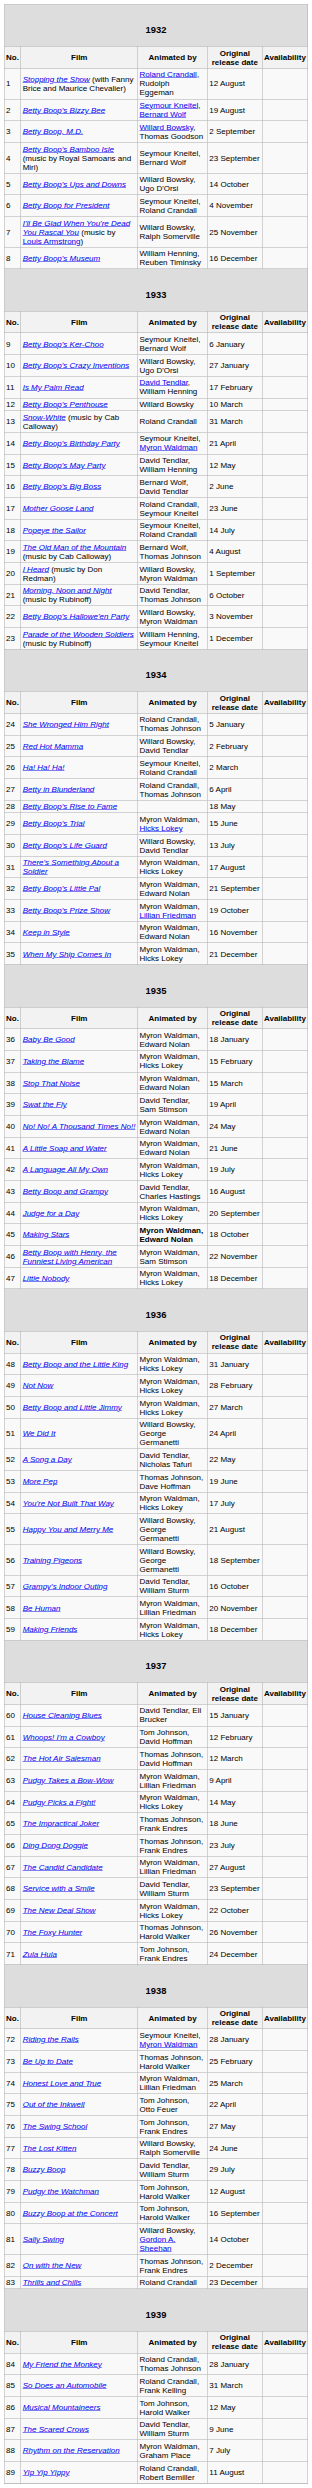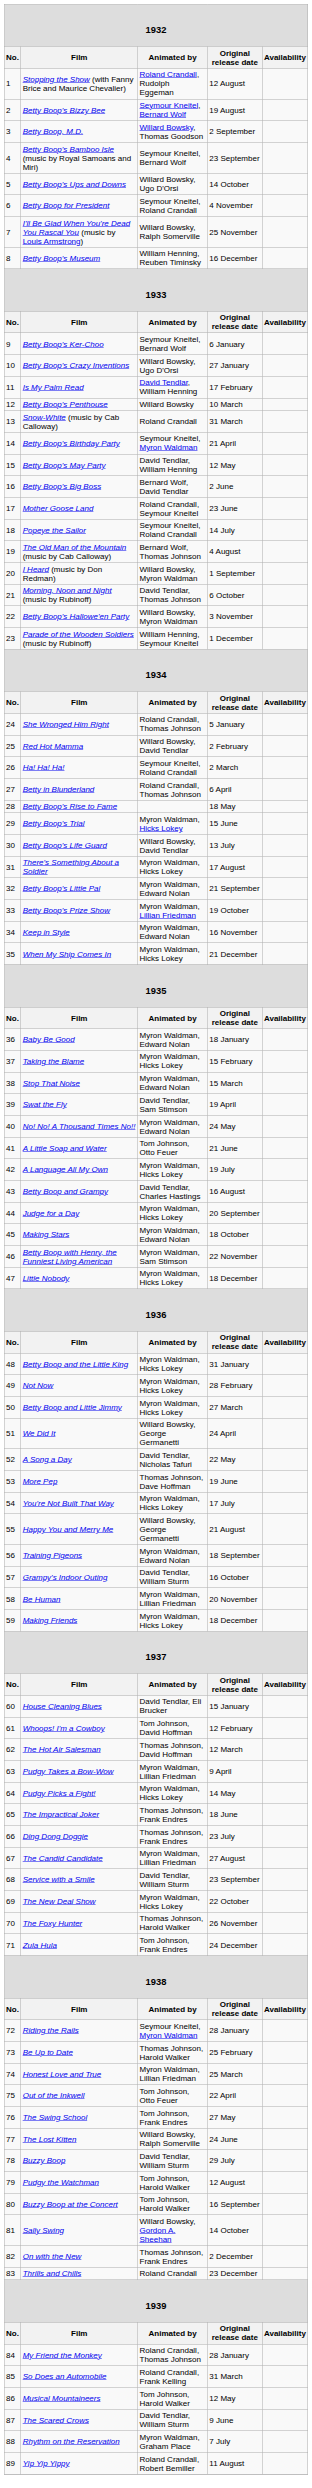 <table class="wikitable sortable">
 <tr>
 <td colspan="5"  style="text-align:center; background:#ddd;"><br><h3>1932</h3></td>
 </tr>
 <tr>
 <th>No.</th>
 <th>Film</th>
 <th>Animated by</th>
 <th>Original release date</th>
 <th>Availability</th>
 </tr>
 <tr>
 <td>1</td>
 <td><em><a href='#'>Stopping the Show</a></em> (with Fanny Brice and Maurice Chevalier)</td>
 <td><a href='#'>Roland Crandall</a>, Rudolph Eggeman</td>
 <td>12 August</td>
 <td></td>
 </tr>
 <tr>
 <td>2</td>
 <td><em><a href='#'>Betty Boop's Bizzy Bee</a></em></td>
 <td><a href='#'>Seymour Kneitel</a>, <a href='#'>Bernard Wolf</a></td>
 <td>19 August</td>
 <td></td>
 </tr>
 <tr>
 <td>3</td>
 <td><em><a href='#'>Betty Boop, M.D.</a></em></td>
 <td><a href='#'>Willard Bowsky</a>, Thomas Goodson</td>
 <td>2 September</td>
 <td></td>
 </tr>
 <tr>
 <td>4</td>
 <td><em><a href='#'>Betty Boop's Bamboo Isle</a></em> (music by Royal Samoans and Miri)</td>
 <td>Seymour Kneitel, Bernard Wolf</td>
 <td>23 September</td>
 <td></td>
 </tr>
 <tr>
 <td>5</td>
 <td><em><a href='#'>Betty Boop's Ups and Downs</a></em></td>
 <td>Willard Bowsky, Ugo D'Orsi</td>
 <td>14 October</td>
 <td></td>
 </tr>
 <tr>
 <td>6</td>
 <td><em><a href='#'>Betty Boop for President</a></em></td>
 <td>Seymour Kneitel, Roland Crandall</td>
 <td>4 November</td>
 <td></td>
 </tr>
 <tr>
 <td>7</td>
 <td><em><a href='#'>I'll Be Glad When You're Dead You Rascal You</a></em> (music by <a href='#'>Louis Armstrong</a>)</td>
 <td>Willard Bowsky, Ralph Somerville</td>
 <td>25 November</td>
 <td></td>
 </tr>
 <tr>
 <td>8</td>
 <td><em><a href='#'>Betty Boop's Museum</a></em></td>
 <td>William Henning, Reuben Timinsky</td>
 <td>16 December</td>
 <td></td>
 </tr>
 <tr>
 <td colspan="5"  style="text-align:center; background:#ddd;"><br><h3>1933</h3></td>
 </tr>
 <tr>
 <th>No.</th>
 <th>Film</th>
 <th>Animated by</th>
 <th>Original release date</th>
 <th>Availability</th>
 </tr>
 <tr>
 <td>9</td>
 <td><em><a href='#'>Betty Boop's Ker-Choo</a></em></td>
 <td>Seymour Kneitel, Bernard Wolf</td>
 <td>6 January</td>
 <td></td>
 </tr>
 <tr>
 <td>10</td>
 <td><em><a href='#'>Betty Boop's Crazy Inventions</a></em></td>
 <td>Willard Bowsky, Ugo D'Orsi</td>
 <td>27 January</td>
 <td></td>
 </tr>
 <tr>
 <td>11</td>
 <td><em><a href='#'>Is My Palm Read</a></em></td>
 <td><a href='#'>David Tendlar</a>, William Henning</td>
 <td>17 February</td>
 <td></td>
 </tr>
 <tr>
 <td>12</td>
 <td><em><a href='#'>Betty Boop's Penthouse</a></em></td>
 <td>Willard Bowsky</td>
 <td>10 March</td>
 <td></td>
 </tr>
 <tr>
 <td>13</td>
 <td><em><a href='#'>Snow-White</a></em> (music by Cab Calloway)</td>
 <td>Roland Crandall</td>
 <td>31 March</td>
 <td></td>
 </tr>
 <tr>
 <td>14</td>
 <td><em><a href='#'>Betty Boop's Birthday Party</a></em></td>
 <td>Seymour Kneitel, <a href='#'>Myron Waldman</a></td>
 <td>21 April</td>
 <td></td>
 </tr>
 <tr>
 <td>15</td>
 <td><em><a href='#'>Betty Boop's May Party</a></em></td>
 <td>David Tendlar, William Henning</td>
 <td>12 May</td>
 <td></td>
 </tr>
 <tr>
 <td>16</td>
 <td><em><a href='#'>Betty Boop's Big Boss</a></em></td>
 <td>Bernard Wolf, David Tendlar</td>
 <td>2 June</td>
 <td></td>
 </tr>
 <tr>
 <td>17</td>
 <td><em><a href='#'>Mother Goose Land</a></em></td>
 <td>Roland Crandall, Seymour Kneitel</td>
 <td>23 June</td>
 <td></td>
 </tr>
 <tr>
 <td>18</td>
 <td><em><a href='#'>Popeye the Sailor</a></em></td>
 <td>Seymour Kneitel, Roland Crandall</td>
 <td>14 July</td>
 <td></td>
 </tr>
 <tr>
 <td>19</td>
 <td><em><a href='#'>The Old Man of the Mountain</a></em> (music by Cab Calloway)</td>
 <td>Bernard Wolf, Thomas Johnson</td>
 <td>4 August</td>
 <td></td>
 </tr>
 <tr>
 <td>20</td>
 <td><em><a href='#'>I Heard</a></em> (music by Don Redman)</td>
 <td>Willard Bowsky, Myron Waldman</td>
 <td>1 September</td>
 <td></td>
 </tr>
 <tr>
 <td>21</td>
 <td><em><a href='#'>Morning, Noon and Night</a></em> (music by Rubinoff)</td>
 <td>David Tendlar, Thomas Johnson</td>
 <td>6 October</td>
 <td></td>
 </tr>
 <tr>
 <td>22</td>
 <td><em><a href='#'>Betty Boop's Hallowe'en Party</a></em></td>
 <td>Willard Bowsky, Myron Waldman</td>
 <td>3 November</td>
 <td></td>
 </tr>
 <tr>
 <td>23</td>
 <td><em><a href='#'>Parade of the Wooden Soldiers</a></em> (music by Rubinoff)</td>
 <td>William Henning, Seymour Kneitel</td>
 <td>1 December</td>
 <td></td>
 </tr>
 <tr>
 <td colspan="5"  style="text-align:center; background:#ddd;"><br><h3>1934</h3></td>
 </tr>
 <tr>
 <th>No.</th>
 <th>Film</th>
 <th>Animated by</th>
 <th>Original release date</th>
 <th>Availability</th>
 </tr>
 <tr>
 <td>24</td>
 <td><em><a href='#'>She Wronged Him Right</a></em></td>
 <td>Roland Crandall, Thomas Johnson</td>
 <td>5 January</td>
 <td></td>
 </tr>
 <tr>
 <td>25</td>
 <td><em><a href='#'>Red Hot Mamma</a></em></td>
 <td>Willard Bowsky, David Tendlar</td>
 <td>2 February</td>
 <td></td>
 </tr>
 <tr>
 <td>26</td>
 <td><em><a href='#'>Ha! Ha! Ha!</a></em></td>
 <td>Seymour Kneitel, Roland Crandall</td>
 <td>2 March</td>
 <td></td>
 </tr>
 <tr>
 <td>27</td>
 <td><em><a href='#'>Betty in Blunderland</a></em></td>
 <td>Roland Crandall, Thomas Johnson</td>
 <td>6 April</td>
 <td></td>
 </tr>
 <tr>
 <td>28</td>
 <td><em><a href='#'>Betty Boop's Rise to Fame</a></em></td>
 <td></td>
 <td>18 May</td>
 <td></td>
 </tr>
 <tr>
 <td>29</td>
 <td><em><a href='#'>Betty Boop's Trial</a></em></td>
 <td>Myron Waldman, <a href='#'>Hicks Lokey</a></td>
 <td>15 June</td>
 <td></td>
 </tr>
 <tr>
 <td>30</td>
 <td><em><a href='#'>Betty Boop's Life Guard</a></em></td>
 <td>Willard Bowsky, David Tendlar</td>
 <td>13 July</td>
 <td></td>
 </tr>
 <tr>
 <td>31</td>
 <td><em><a href='#'>There's Something About a Soldier</a></em></td>
 <td>Myron Waldman, Hicks Lokey</td>
 <td>17 August</td>
 <td></td>
 </tr>
 <tr>
 <td>32</td>
 <td><em><a href='#'>Betty Boop's Little Pal</a></em></td>
 <td>Myron Waldman, Edward Nolan</td>
 <td>21 September</td>
 <td></td>
 </tr>
 <tr>
 <td>33</td>
 <td><em><a href='#'>Betty Boop's Prize Show</a></em></td>
 <td>Myron Waldman, <a href='#'>Lillian Friedman</a></td>
 <td>19 October</td>
 <td></td>
 </tr>
 <tr>
 <td>34</td>
 <td><em><a href='#'>Keep in Style</a></em></td>
 <td>Myron Waldman, Edward Nolan</td>
 <td>16 November</td>
 <td></td>
 </tr>
 <tr>
 <td>35</td>
 <td><em><a href='#'>When My Ship Comes In</a></em></td>
 <td>Myron Waldman, Hicks Lokey</td>
 <td>21 December</td>
 <td></td>
 </tr>
 <tr>
 <td colspan="5"  style="text-align:center; background:#ddd;"><br><h3>1935</h3></td>
 </tr>
 <tr>
 <th>No.</th>
 <th>Film</th>
 <th>Animated by</th>
 <th>Original release date</th>
 <th>Availability</th>
 </tr>
 <tr>
 <td>36</td>
 <td><em><a href='#'>Baby Be Good</a></em></td>
 <td>Myron Waldman, Edward Nolan</td>
 <td>18 January</td>
 <td></td>
 </tr>
 <tr>
 <td>37</td>
 <td><em><a href='#'>Taking the Blame</a></em></td>
 <td>Myron Waldman, Hicks Lokey</td>
 <td>15 February</td>
 <td></td>
 </tr>
 <tr>
 <td>38</td>
 <td><em><a href='#'>Stop That Noise</a></em></td>
 <td>Myron Waldman, Edward Nolan</td>
 <td>15 March</td>
 <td></td>
 </tr>
 <tr>
 <td>39</td>
 <td><em><a href='#'>Swat the Fly</a></em></td>
 <td>David Tendlar, Sam Stimson</td>
 <td>19 April</td>
 <td></td>
 </tr>
 <tr>
 <td>40</td>
 <td><em><a href='#'>No! No! A Thousand Times No!!</a></em></td>
 <td>Myron Waldman, Edward Nolan</td>
 <td>24 May</td>
 <td></td>
 </tr>
 <tr>
 <td>41</td>
 <td><em><a href='#'>A Little Soap and Water</a></em></td>
-<td>Myron Waldman, Edward Nolan</td>
+<td>Tom Johnson, Otto Feuer</td>
 <td>21 June</td>
 <td></td>
 </tr>
 <tr>
 <td>42</td>
 <td><em><a href='#'>A Language All My Own</a></em></td>
 <td>Myron Waldman, Hicks Lokey</td>
 <td>19 July</td>
 <td></td>
 </tr>
 <tr>
 <td>43</td>
 <td><em><a href='#'>Betty Boop and Grampy</a></em></td>
 <td>David Tendlar, Charles Hastings</td>
 <td>16 August</td>
 <td></td>
 </tr>
 <tr>
 <td>44</td>
 <td><em><a href='#'>Judge for a Day</a></em></td>
 <td>Myron Waldman, Hicks Lokey</td>
 <td>20 September</td>
 <td></td>
 </tr>
 <tr>
 <td>45</td>
 <td><em><a href='#'>Making Stars</a></em></td>
-<td><strong>Myron Waldman, Edward Nolan</strong></td>
+<td>Myron Waldman, Edward Nolan</td>
 <td>18 October</td>
 <td></td>
 </tr>
 <tr>
 <td>46</td>
 <td><em><a href='#'>Betty Boop with Henry, the Funniest Living American</a></em></td>
 <td>Myron Waldman, Sam Stimson</td>
 <td>22 November</td>
 <td></td>
 </tr>
 <tr>
 <td>47</td>
 <td><em><a href='#'>Little Nobody</a></em></td>
 <td>Myron Waldman, Hicks Lokey</td>
 <td>18 December</td>
 <td></td>
 </tr>
 <tr>
 <td colspan="5"  style="text-align:center; background:#ddd;"><br><h3>1936</h3></td>
 </tr>
 <tr>
 <th>No.</th>
 <th>Film</th>
 <th>Animated by</th>
 <th>Original release date</th>
 <th>Availability</th>
 </tr>
 <tr>
 <td>48</td>
 <td><em><a href='#'>Betty Boop and the Little King</a></em></td>
 <td>Myron Waldman, Hicks Lokey</td>
 <td>31 January</td>
 <td></td>
 </tr>
 <tr>
 <td>49</td>
 <td><em><a href='#'>Not Now</a></em></td>
 <td>Myron Waldman, Hicks Lokey</td>
 <td>28 February</td>
 <td></td>
 </tr>
 <tr>
 <td>50</td>
 <td><em><a href='#'>Betty Boop and Little Jimmy</a></em></td>
 <td>Myron Waldman, Hicks Lokey</td>
 <td>27 March</td>
 <td></td>
 </tr>
 <tr>
 <td>51</td>
 <td><em><a href='#'>We Did It</a></em></td>
 <td>Willard Bowsky, George Germanetti</td>
 <td>24 April</td>
 <td></td>
 </tr>
 <tr>
 <td>52</td>
 <td><em><a href='#'>A Song a Day</a></em></td>
 <td>David Tendlar, Nicholas Tafuri</td>
 <td>22 May</td>
 <td></td>
 </tr>
 <tr>
 <td>53</td>
 <td><em><a href='#'>More Pep</a></em></td>
 <td>Thomas Johnson, Dave Hoffman</td>
 <td>19 June</td>
 <td></td>
 </tr>
 <tr>
 <td>54</td>
 <td><em><a href='#'>You're Not Built That Way</a></em></td>
 <td>Myron Waldman, Hicks Lokey</td>
 <td>17 July</td>
 <td></td>
 </tr>
 <tr>
 <td>55</td>
 <td><em><a href='#'>Happy You and Merry Me</a></em></td>
 <td>Willard Bowsky, George Germanetti</td>
 <td>21 August</td>
 <td></td>
 </tr>
 <tr>
 <td>56</td>
 <td><em><a href='#'>Training Pigeons</a></em></td>
-<td>Willard Bowsky, George Germanetti</td>
+<td>Myron Waldman, Edward Nolan</td>
 <td>18 September</td>
 <td></td>
 </tr>
 <tr>
 <td>57</td>
 <td><em><a href='#'>Grampy's Indoor Outing</a></em></td>
 <td>David Tendlar, William Sturm</td>
 <td>16 October</td>
 <td></td>
 </tr>
 <tr>
 <td>58</td>
 <td><em><a href='#'>Be Human</a></em></td>
 <td>Myron Waldman, Lillian Friedman</td>
 <td>20 November</td>
 <td></td>
 </tr>
 <tr>
 <td>59</td>
 <td><em><a href='#'>Making Friends</a></em></td>
 <td>Myron Waldman, Hicks Lokey</td>
 <td>18 December</td>
 <td></td>
 </tr>
 <tr>
 <td colspan="5"  style="text-align:center; background:#ddd;"><br><h3>1937</h3></td>
 </tr>
 <tr>
 <th>No.</th>
 <th>Film</th>
 <th>Animated by</th>
 <th>Original release date</th>
 <th>Availability</th>
 </tr>
 <tr>
 <td>60</td>
 <td><em><a href='#'>House Cleaning Blues</a></em></td>
 <td>David Tendlar, Eli Brucker</td>
 <td>15 January</td>
 <td></td>
 </tr>
 <tr>
 <td>61</td>
 <td><em><a href='#'>Whoops! I'm a Cowboy</a></em></td>
 <td>Tom Johnson, David Hoffman</td>
 <td>12 February</td>
 <td></td>
 </tr>
 <tr>
 <td>62</td>
 <td><em><a href='#'>The Hot Air Salesman</a></em></td>
 <td>Thomas Johnson, David Hoffman</td>
 <td>12 March</td>
 <td></td>
 </tr>
 <tr>
 <td>63</td>
 <td><em><a href='#'>Pudgy Takes a Bow-Wow</a></em></td>
 <td>Myron Waldman, Lillian Friedman</td>
 <td>9 April</td>
 <td></td>
 </tr>
 <tr>
 <td>64</td>
 <td><em><a href='#'>Pudgy Picks a Fight!</a></em></td>
 <td>Myron Waldman, Hicks Lokey</td>
 <td>14 May</td>
 <td></td>
 </tr>
 <tr>
 <td>65</td>
 <td><em><a href='#'>The Impractical Joker</a></em></td>
 <td>Thomas Johnson, Frank Endres</td>
 <td>18 June</td>
 <td></td>
 </tr>
 <tr>
 <td>66</td>
 <td><em><a href='#'>Ding Dong Doggie</a></em></td>
 <td>Thomas Johnson, Frank Endres</td>
 <td>23 July</td>
 <td></td>
 </tr>
 <tr>
 <td>67</td>
 <td><em><a href='#'>The Candid Candidate</a></em></td>
 <td>Myron Waldman, Lillian Friedman</td>
 <td>27 August</td>
 <td></td>
 </tr>
 <tr>
 <td>68</td>
 <td><em><a href='#'>Service with a Smile</a></em></td>
 <td>David Tendlar, William Sturm</td>
 <td>23 September</td>
 <td></td>
 </tr>
 <tr>
 <td>69</td>
 <td><em><a href='#'>The New Deal Show</a></em></td>
 <td>Myron Waldman, Hicks Lokey</td>
 <td>22 October</td>
 <td></td>
 </tr>
 <tr>
 <td>70</td>
 <td><em><a href='#'>The Foxy Hunter</a></em></td>
 <td>Thomas Johnson, Harold Walker</td>
 <td>26 November</td>
 <td></td>
 </tr>
 <tr>
 <td>71</td>
 <td><em><a href='#'>Zula Hula</a></em></td>
 <td>Tom Johnson, Frank Endres</td>
 <td>24 December</td>
 <td></td>
 </tr>
 <tr>
 <td colspan="5"  style="text-align:center; background:#ddd;"><br><h3>1938</h3></td>
 </tr>
 <tr>
 <th>No.</th>
 <th>Film</th>
 <th>Animated by</th>
 <th>Original release date</th>
 <th>Availability</th>
 </tr>
 <tr>
 <td>72</td>
 <td><em><a href='#'>Riding the Rails</a></em></td>
 <td>Seymour Kneitel, <a href='#'>Myron Waldman</a></td>
 <td>28 January</td>
 <td></td>
 </tr>
 <tr>
 <td>73</td>
 <td><em><a href='#'>Be Up to Date</a></em></td>
 <td>Thomas Johnson, Harold Walker</td>
 <td>25 February</td>
 <td></td>
 </tr>
 <tr>
 <td>74</td>
 <td><em><a href='#'>Honest Love and True</a></em></td>
 <td>Myron Waldman, Lillian Friedman</td>
 <td>25 March</td>
 <td></td>
 </tr>
 <tr>
 <td>75</td>
 <td><em><a href='#'>Out of the Inkwell</a></em></td>
 <td>Tom Johnson, Otto Feuer</td>
 <td>22 April</td>
 <td></td>
 </tr>
 <tr>
 <td>76</td>
 <td><em><a href='#'>The Swing School</a></em></td>
 <td>Tom Johnson, Frank Endres</td>
 <td>27 May</td>
 <td></td>
 </tr>
 <tr>
 <td>77</td>
 <td><em><a href='#'>The Lost Kitten</a></em></td>
 <td>Willard Bowsky, Ralph Somerville</td>
 <td>24 June</td>
 <td></td>
 </tr>
 <tr>
 <td>78</td>
 <td><em><a href='#'>Buzzy Boop</a></em></td>
 <td>David Tendlar, William Sturm</td>
 <td>29 July</td>
 <td></td>
 </tr>
 <tr>
 <td>79</td>
 <td><em><a href='#'>Pudgy the Watchman</a></em></td>
 <td>Tom Johnson, Harold Walker</td>
 <td>12 August</td>
 <td></td>
 </tr>
 <tr>
 <td>80</td>
 <td><em><a href='#'>Buzzy Boop at the Concert</a></em></td>
 <td>Tom Johnson, Harold Walker</td>
 <td>16 September</td>
 <td></td>
 </tr>
 <tr>
 <td>81</td>
 <td><em><a href='#'>Sally Swing</a></em></td>
 <td>Willard Bowsky, <a href='#'>Gordon A. Sheehan</a></td>
 <td>14 October</td>
 <td></td>
 </tr>
 <tr>
 <td>82</td>
 <td><em><a href='#'>On with the New</a></em></td>
 <td>Thomas Johnson, Frank Endres</td>
 <td>2 December</td>
 <td></td>
 </tr>
 <tr>
 <td>83</td>
 <td><em><a href='#'>Thrills and Chills</a></em></td>
 <td>Roland Crandall</td>
 <td>23 December</td>
 <td></td>
 </tr>
 <tr>
 <td colspan="5"  style="text-align:center; background:#ddd;"><br><h3>1939</h3></td>
 </tr>
 <tr>
 <th>No.</th>
 <th>Film</th>
 <th>Animated by</th>
 <th>Original release date</th>
 <th>Availability</th>
 </tr>
 <tr>
 <td>84</td>
 <td><em><a href='#'>My Friend the Monkey</a></em></td>
 <td>Roland Crandall, Thomas Johnson</td>
 <td>28 January</td>
 <td></td>
 </tr>
 <tr>
 <td>85</td>
 <td><em><a href='#'>So Does an Automobile</a></em></td>
 <td>Roland Crandall, Frank Kelling</td>
 <td>31 March</td>
 <td></td>
 </tr>
 <tr>
 <td>86</td>
 <td><em><a href='#'>Musical Mountaineers</a></em></td>
 <td>Tom Johnson, Harold Walker</td>
 <td>12 May</td>
 <td></td>
 </tr>
 <tr>
 <td>87</td>
 <td><em><a href='#'>The Scared Crows</a></em></td>
 <td>David Tendlar, William Sturm</td>
 <td>9 June</td>
 <td></td>
 </tr>
 <tr>
 <td>88</td>
 <td><em><a href='#'>Rhythm on the Reservation</a></em></td>
 <td>Myron Waldman, Graham Place</td>
 <td>7 July</td>
 <td></td>
 </tr>
 <tr>
 <td>89</td>
 <td><em><a href='#'>Yip Yip Yippy</a></em></td>
 <td>Roland Crandall, Robert Bemiller</td>
 <td>11 August</td>
 <td></td>
 </tr>
 <tr>
 </tr>
 </table>
